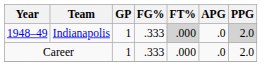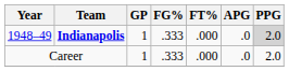 <table class="wikitable sortable" style="font-size:95%; text-align:right;">
 <tr>
 <th>Year</th>
 <th>Team</th>
 <th>GP</th>
 <th>FG%</th>
 <th>FT%</th>
 <th>APG</th>
 <th>PPG</th>
 </tr>
 <tr>
 <td style="text-align:left;"><a href='#'>1948–49</a></td>
-<td style="text-align:left;"><a href='#'>Indianapolis</a></td>
+<td style="text-align:left;"><strong><a href='#'>Indianapolis</a></strong></td>
 <td>1</td>
 <td>.333</td>
-<td style="background: lightgrey;">.000</td>
+<td>.000</td>
 <td>.0</td>
 <td style="background: lightgrey;">2.0</td>
 </tr>
 <tr>
 <td style="text-align:center;" colspan="2">Career</td>
 <td>1</td>
 <td>.333</td>
 <td>.000</td>
 <td>.0</td>
 <td>2.0</td>
 </tr>
 <tr>
 </tr>
 </table>
